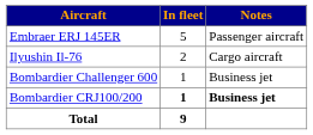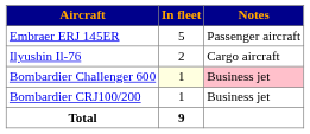 <table class="toccolours" border="1" cellpadding="3" style="border-collapse:collapse;margin:auto;">
 <tr bgcolor=darkblue>
 <th style="color:orange;">Aircraft</th>
 <th style="color:orange;">In fleet</th>
 <th style="color:orange;">Notes</th>
 </tr>
 <tr>
 <td><a href='#'>Embraer ERJ 145ER</a></td>
 <td align=center>5</td>
 <td align=center>Passenger aircraft</td>
 </tr>
 <tr>
 <td><a href='#'>Ilyushin Il-76</a></td>
 <td align=center>2</td>
 <td>Cargo aircraft</td>
 </tr>
 <tr>
 <td><a href='#'>Bombardier Challenger 600</a></td>
-<td align=center>1</td>
-<td><bdi>Business jet</bdi></td>
+<td align=center style="background: lightyellow;">1</td>
+<td style="background: pink;"><bdi>Business jet</bdi></td>
 </tr>
 <tr>
 <td><a href='#'>Bombardier CRJ100/200</a></td>
-<td align=center><strong>1</strong></td>
-<td><strong><bdi>Business jet</bdi></strong></td>
+<td align=center>1</td>
+<td><bdi>Business jet</bdi></td>
 </tr>
 <tr>
 <th>Total</th>
 <th>9</th>
 <th colspan="3"></th>
 </tr>
 </table>
